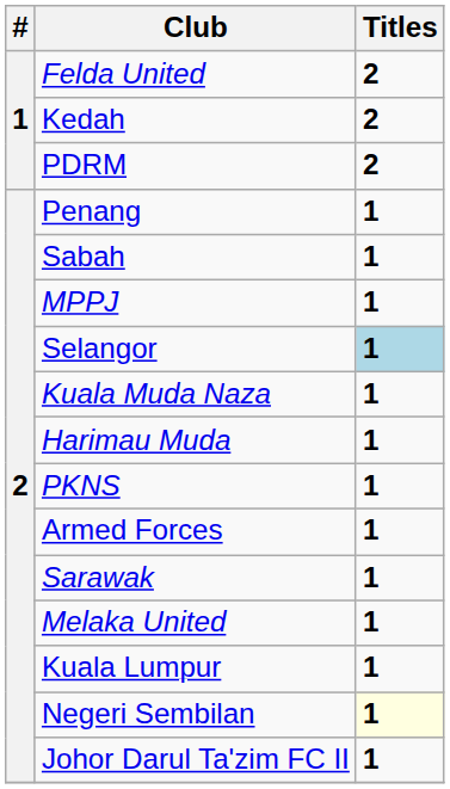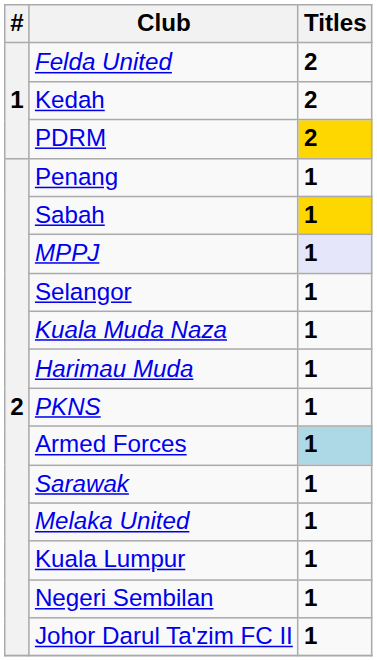 <table class="wikitable sortable" align=center>
 <tr>
 <th>#</th>
 <th>Club</th>
 <th>Titles</th>
 </tr>
 <tr>
 <th rowspan="3">1</th>
 <td align="left"><em><a href='#'>Felda United</a></em></td>
 <td><strong>2</strong></td>
 </tr>
 <tr>
 <td align="left"><a href='#'>Kedah</a></td>
 <td><strong>2</strong></td>
 </tr>
 <tr>
 <td align="left"><a href='#'>PDRM</a></td>
-<td><strong>2</strong></td>
+<td style="background: gold;"><strong>2</strong></td>
 </tr>
 <tr>
 <th rowspan="13">2</th>
 <td align="left"><a href='#'>Penang</a></td>
 <td><strong>1</strong></td>
 </tr>
 <tr>
 <td align="left"><a href='#'>Sabah</a></td>
-<td><strong>1</strong></td>
+<td style="background: gold;"><strong>1</strong></td>
 </tr>
 <tr>
 <td align="left"><em><a href='#'>MPPJ</a></em></td>
-<td><strong>1</strong></td>
+<td style="background: lavender;"><strong>1</strong></td>
 </tr>
 <tr>
 <td align="left"><a href='#'>Selangor</a></td>
-<td style="background: lightblue;"><strong>1</strong></td>
+<td><strong>1</strong></td>
 </tr>
 <tr>
 <td align="left"><em><a href='#'>Kuala Muda Naza</a></em></td>
 <td><strong>1</strong></td>
 </tr>
 <tr>
 <td align="left"><em><a href='#'>Harimau Muda</a></em></td>
 <td><strong>1</strong></td>
 </tr>
 <tr>
 <td align="left"><em><a href='#'>PKNS</a></em></td>
 <td><strong>1</strong></td>
 </tr>
 <tr>
 <td align="left"><a href='#'>Armed Forces</a></td>
-<td><strong>1</strong></td>
+<td style="background: lightblue;"><strong>1</strong></td>
 </tr>
 <tr>
 <td align="left"><em><a href='#'>Sarawak</a></em></td>
 <td><strong>1</strong></td>
 </tr>
 <tr>
 <td align="left"><em><a href='#'>Melaka United</a></em></td>
 <td><strong>1</strong></td>
 </tr>
 <tr>
 <td align="left"><a href='#'>Kuala Lumpur</a></td>
 <td><strong>1</strong></td>
 </tr>
 <tr>
 <td align="left"><a href='#'>Negeri Sembilan</a></td>
-<td style="background: lightyellow;"><strong>1</strong></td>
+<td><strong>1</strong></td>
 </tr>
 <tr>
 <td align="left"><a href='#'>Johor Darul Ta'zim FC II</a></td>
 <td><strong>1</strong></td>
 </tr>
 <tr>
 </tr>
 </table>
